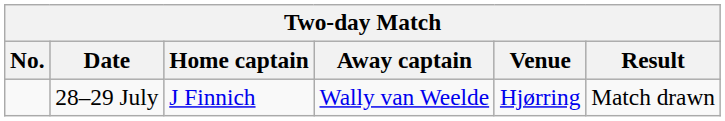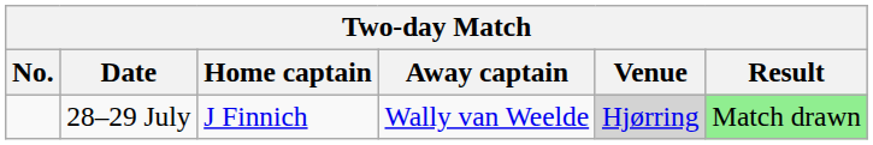 <table class="wikitable">
 <tr>
 <th colspan="9">Two-day Match</th>
 </tr>
 <tr>
 <th>No.</th>
 <th>Date</th>
 <th>Home captain</th>
 <th>Away captain</th>
 <th>Venue</th>
 <th>Result</th>
 </tr>
 <tr>
 <td></td>
 <td>28–29 July</td>
 <td><a href='#'>J Finnich</a></td>
 <td><a href='#'>Wally van Weelde</a></td>
-<td><a href='#'>Hjørring</a></td>
-<td>Match drawn</td>
+<td style="background: lightgrey;"><a href='#'>Hjørring</a></td>
+<td style="background: lightgreen;">Match drawn</td>
 </tr>
 </table>
